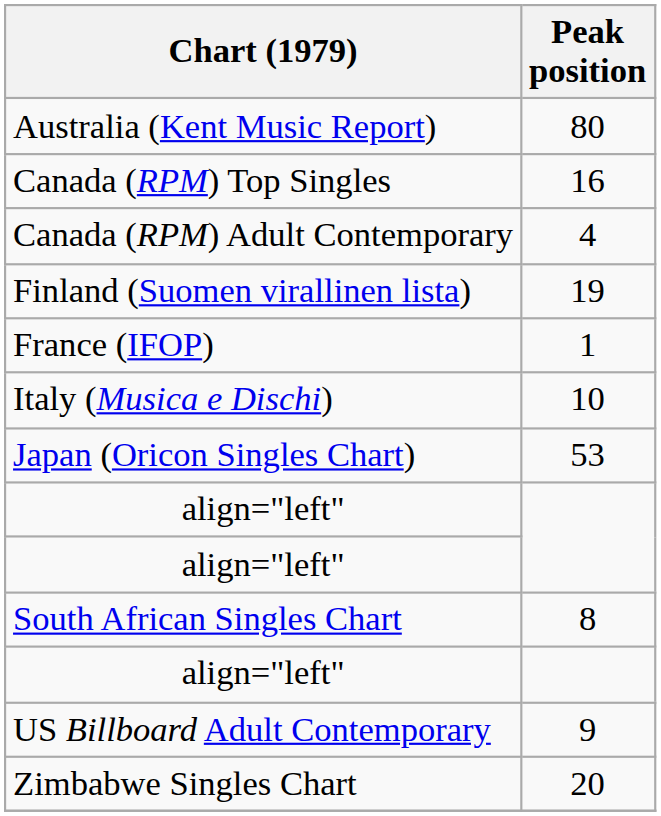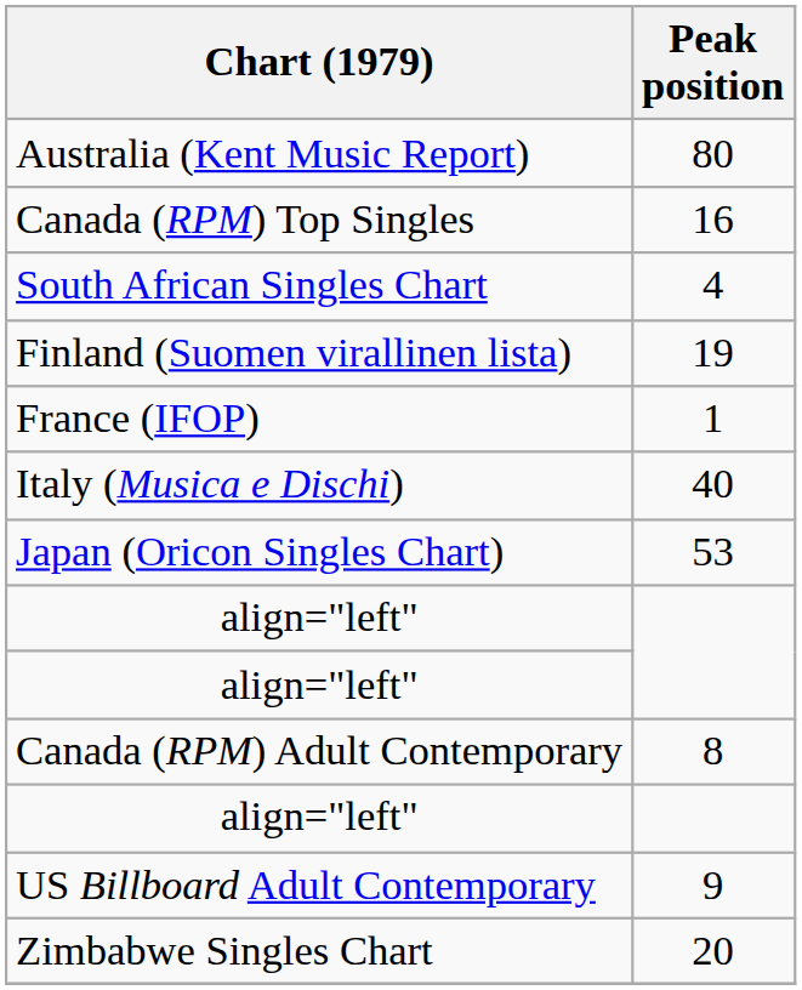 <table class="wikitable sortable" style="text-align:center;">
 <tr>
 <th>Chart (1979)</th>
 <th>Peak<br>position</th>
 </tr>
 <tr>
 <td align="left">Australia (<a href='#'>Kent Music Report</a>)</td>
 <td>80</td>
 </tr>
 <tr>
 <td align="left">Canada (<em><a href='#'>RPM</a></em>) Top Singles</td>
 <td>16</td>
 </tr>
 <tr>
-<td align="left">Canada (<em>RPM</em>) Adult Contemporary</td>
+<td align="left"><a href='#'>South African Singles Chart</a></td>
 <td style="text-align:center;">4</td>
 </tr>
 <tr>
 <td align="left">Finland (<a href='#'>Suomen virallinen lista</a>)</td>
 <td align="center">19</td>
 </tr>
 <tr>
 <td align="left">France (<a href='#'>IFOP</a>)</td>
 <td align=center>1</td>
 </tr>
 <tr>
 <td align="left">Italy (<em><a href='#'>Musica e Dischi</a></em>)</td>
-<td align=center>10</td>
+<td align=center>40</td>
 </tr>
 <tr>
 <td align="left"><a href='#'>Japan</a> (<a href='#'>Oricon Singles Chart</a>)</td>
 <td>53</td>
 </tr>
 <tr>
 <td>align="left" </td>
 </tr>
 <tr>
 <td>align="left"</td>
 </tr>
 <tr>
-<td align="left"><a href='#'>South African Singles Chart</a></td>
+<td align="left">Canada (<em>RPM</em>) Adult Contemporary</td>
 <td>8</td>
 </tr>
 <tr>
 <td>align="left" </td>
 </tr>
 <tr>
 <td align="left">US <em>Billboard</em> <a href='#'>Adult Contemporary</a></td>
 <td align="center">9</td>
 </tr>
 <tr>
 <td align="left">Zimbabwe Singles Chart</td>
 <td align="center">20</td>
 </tr>
 <tr>
 </tr>
 </table>
